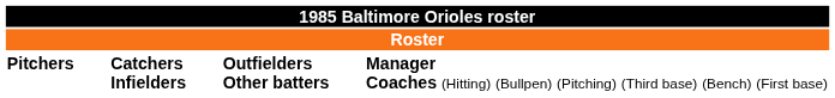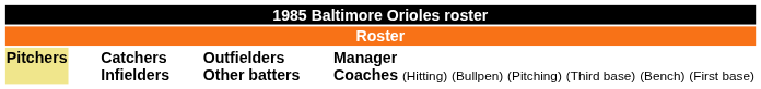 <table class="toccolours" style="font-size: 95%;">
 <tr>
 <th colspan="10" style="background-color: black; color: white; text-align: center;">1985 Baltimore Orioles roster</th>
 </tr>
 <tr>
 <td colspan="10" style="background-color: #F87217; color: white; text-align: center;"><strong>Roster</strong></td>
 </tr>
 <tr>
-<td valign="top"><strong>Pitchers</strong><br>              </td>
+<td valign="top" style="background: khaki;"><strong>Pitchers</strong><br>              </td>
 <td width="25px"></td>
 <td valign="top"><strong>Catchers</strong><br>   <strong>Infielders</strong>           </td>
 <td width="25px"></td>
 <td valign="top"><strong>Outfielders</strong><br>       <strong>Other batters</strong>  </td>
 <td width="25px"></td>
 <td valign="top"><strong>Manager</strong><br>  <strong>Coaches</strong>  <small>(Hitting)</small>  <small>(Bullpen)</small>  <small>(Pitching)</small>  <small>(Third base)</small>  <small>(Bench)</small>  <small>(First base)</small></td>
 </tr>
 <tr>
 </tr>
 </table>
